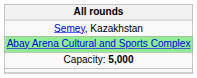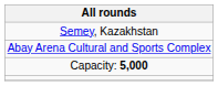 <table class="wikitable" style="text-align:center;">
 <tr>
 <th>All rounds</th>
 </tr>
 <tr>
 <td><a href='#'>Semey</a>, Kazakhstan</td>
 </tr>
 <tr>
-<td style="background: lightgreen;"><a href='#'>Abay Arena Cultural and Sports Complex</a></td>
+<td><a href='#'>Abay Arena Cultural and Sports Complex</a></td>
 </tr>
 <tr>
 <td>Capacity: <strong>5,000</strong></td>
 </tr>
 <tr>
 <td></td>
 </tr>
 <tr>
 </tr>
 </table>
